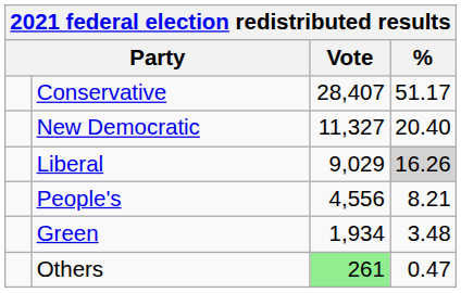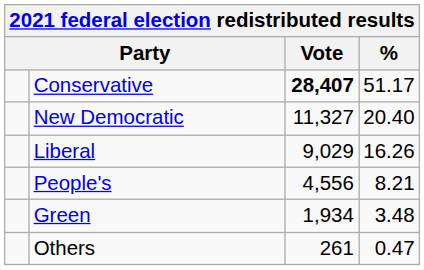 <table class="wikitable">
 <tr>
 <th colspan="4"><a href='#'>2021 federal election</a> redistributed results</th>
 </tr>
 <tr>
 <th bgcolor="#DDDDFF" width="130px" colspan="2">Party</th>
 <th bgcolor="#DDDDFF" width="50px">Vote</th>
 <th bgcolor="#DDDDFF" width="30px">%</th>
 </tr>
 <tr>
 <td> </td>
 <td><a href='#'>Conservative</a></td>
-<td align=right>28,407</td>
+<td align=right><strong>28,407</strong></td>
 <td align=right>51.17</td>
 </tr>
 <tr>
 <td> </td>
 <td><a href='#'>New Democratic</a></td>
 <td align=right>11,327</td>
 <td align=right>20.40</td>
 </tr>
 <tr>
 <td> </td>
 <td><a href='#'>Liberal</a></td>
 <td align=right>9,029</td>
-<td align=right style="background: lightgrey;">16.26</td>
+<td align=right>16.26</td>
 </tr>
 <tr>
 <td> </td>
 <td><a href='#'>People's</a></td>
 <td align=right>4,556</td>
 <td align=right>8.21</td>
 </tr>
 <tr>
 <td> </td>
 <td><a href='#'>Green</a></td>
 <td align=right>1,934</td>
 <td align=right>3.48</td>
 </tr>
 <tr>
 <td> </td>
 <td>Others</td>
-<td align=right style="background: lightgreen;">261</td>
+<td align=right>261</td>
 <td align=right>0.47</td>
 </tr>
 </table>
